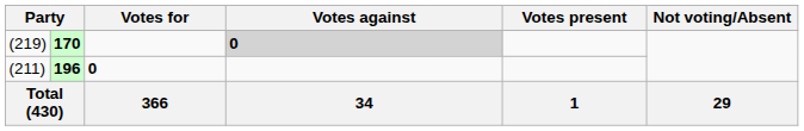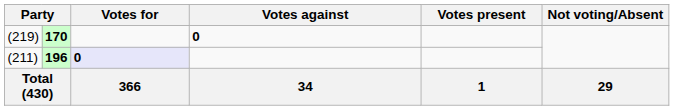 <table class="wikitable mw-collapsible mw-collapsed" style="width:50%;">
 <tr>
 <th colspan="2">Party</th>
 <th style="width:20%;">Votes for</th>
 <th style="width:40%;">Votes against</th>
 <th style="width:20%;">Votes present</th>
 <th style="width:20%;">Not voting/Absent</th>
 </tr>
 <tr>
 <td> (219)</td>
 <td style="background:#cfc;"><strong>170</strong></td>
 <td></td>
-<td style="background: lightgrey;"><strong>0</strong></td>
+<td><strong>0</strong></td>
 <td></td>
 </tr>
 <tr>
 <td> (211)</td>
 <td style="background:#cfc;"><strong>196</strong></td>
-<td><strong>0</strong></td>
+<td style="background: lavender;"><strong>0</strong></td>
 <td></td>
 <td></td>
 </tr>
 <tr>
 <th colspan="2">Total (430)</th>
 <th><strong>366</strong></th>
 <th>34</th>
 <th>1</th>
 <th>29</th>
 </tr>
 </table>
